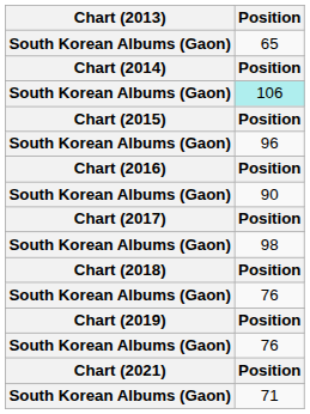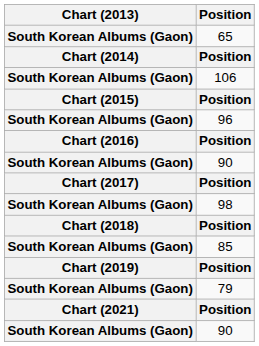 <table class="wikitable sortable plainrowheaders" style="text-align:center">
 <tr>
 <th>Chart (2013)</th>
 <th>Position</th>
 </tr>
 <tr>
 <th scope="row">South Korean Albums (Gaon)</th>
 <td>65</td>
 </tr>
 <tr>
 <th>Chart (2014)</th>
 <th>Position</th>
 </tr>
 <tr>
 <th scope="row">South Korean Albums (Gaon)</th>
-<td style="background: paleturquoise;">106</td>
+<td>106</td>
 </tr>
 <tr>
 <th>Chart (2015)</th>
 <th>Position</th>
 </tr>
 <tr>
 <th scope="row">South Korean Albums (Gaon)</th>
 <td>96</td>
 </tr>
 <tr>
 <th>Chart (2016)</th>
 <th>Position</th>
 </tr>
 <tr>
 <th scope="row">South Korean Albums (Gaon)</th>
 <td>90</td>
 </tr>
 <tr>
 <th>Chart (2017)</th>
 <th>Position</th>
 </tr>
 <tr>
 <th scope="row">South Korean Albums (Gaon)</th>
 <td>98</td>
 </tr>
 <tr>
 <th>Chart (2018)</th>
 <th>Position</th>
 </tr>
 <tr>
 <th scope="row">South Korean Albums (Gaon)</th>
-<td>76</td>
+<td>85</td>
 </tr>
 <tr>
 <th>Chart (2019)</th>
 <th>Position</th>
 </tr>
 <tr>
 <th scope="row">South Korean Albums (Gaon)</th>
-<td>76</td>
+<td>79</td>
 </tr>
 <tr>
 <th>Chart (2021)</th>
 <th>Position</th>
 </tr>
 <tr>
 <th scope="row">South Korean Albums (Gaon)</th>
-<td>71</td>
+<td>90</td>
 </tr>
 </table>
